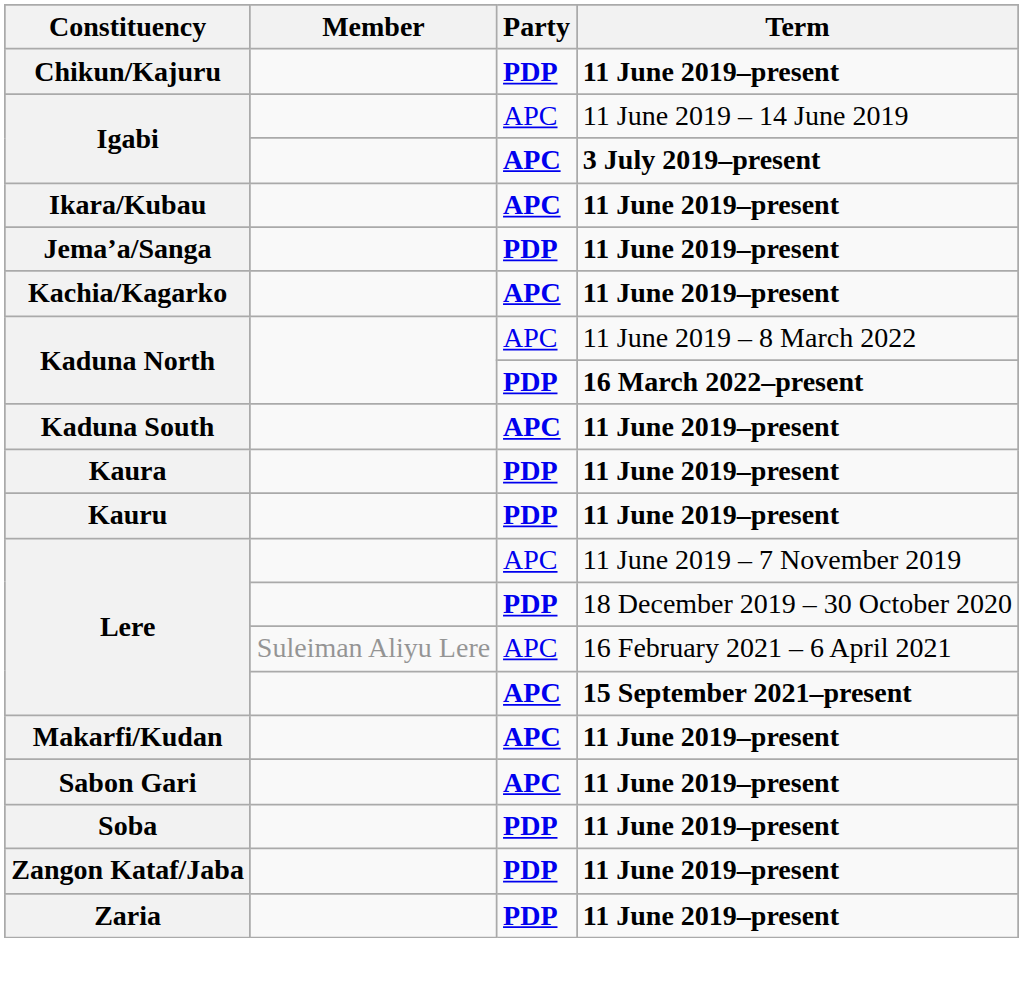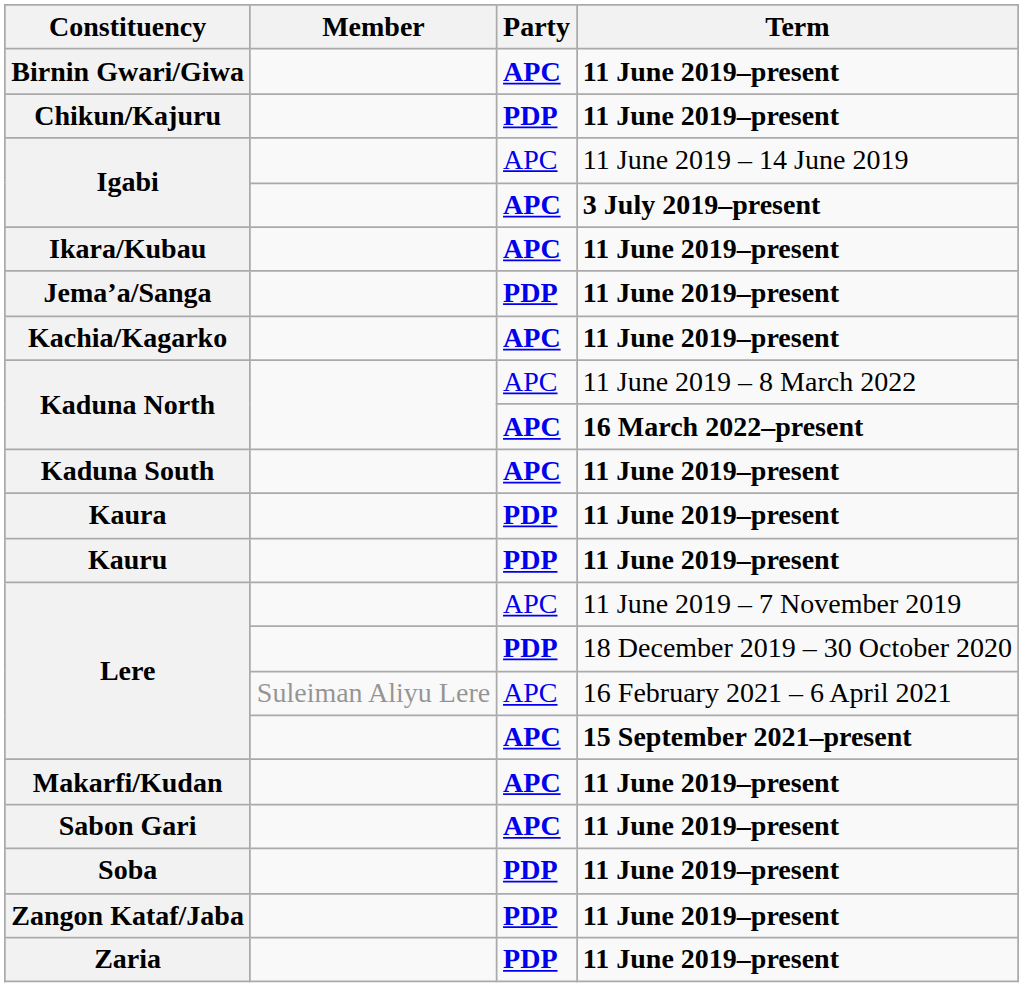 <table class="wikitable">
 <tr valign=bottom>
 <th>Constituency</th>
 <th>Member</th>
 <th>Party</th>
 <th>Term</th>
+</tr>
+<tr>
+<th>Birnin Gwari/Giwa</th>
+<td><strong></strong></td>
+<td><strong><a href='#'>APC</a></strong></td>
+<td><strong>11 June 2019–present</strong></td>
 </tr>
 <tr>
 <th>Chikun/Kajuru</th>
 <td><strong></strong></td>
 <td><strong><a href='#'>PDP</a></strong></td>
 <td><strong>11 June 2019–present</strong></td>
 </tr>
 <tr>
 <th rowspan=2>Igabi</th>
 <td style="opacity:.4;"></td>
 <td><a href='#'>APC</a></td>
 <td>11 June 2019 – 14 June 2019</td>
 </tr>
 <tr>
 <td><strong></strong></td>
 <td><strong><a href='#'>APC</a></strong></td>
 <td><strong>3 July 2019–present</strong></td>
 </tr>
 <tr>
 <th>Ikara/Kubau</th>
 <td><strong></strong></td>
 <td><strong><a href='#'>APC</a></strong></td>
 <td><strong>11 June 2019–present</strong></td>
 </tr>
 <tr>
 <th>Jema’a/Sanga</th>
 <td><strong></strong></td>
 <td><strong><a href='#'>PDP</a></strong></td>
 <td><strong>11 June 2019–present</strong></td>
 </tr>
 <tr>
 <th>Kachia/Kagarko</th>
 <td><strong></strong></td>
 <td><strong><a href='#'>APC</a></strong></td>
 <td><strong>11 June 2019–present</strong></td>
 </tr>
 <tr>
 <th rowspan=2>Kaduna North</th>
 <td rowspan=2><strong></strong></td>
 <td><a href='#'>APC</a></td>
 <td>11 June 2019 – 8 March 2022</td>
 </tr>
 <tr>
-<td><strong><a href='#'>PDP</a></strong></td>
+<td><strong><a href='#'>APC</a></strong></td>
 <td><strong>16 March 2022–present</strong></td>
 </tr>
 <tr>
 <th>Kaduna South</th>
 <td><strong></strong></td>
 <td><strong><a href='#'>APC</a></strong></td>
 <td><strong>11 June 2019–present</strong></td>
 </tr>
 <tr>
 <th>Kaura</th>
 <td><strong></strong></td>
 <td><strong><a href='#'>PDP</a></strong></td>
 <td><strong>11 June 2019–present</strong></td>
 </tr>
 <tr>
 <th>Kauru</th>
 <td><strong></strong></td>
 <td><strong><a href='#'>PDP</a></strong></td>
 <td><strong>11 June 2019–present</strong></td>
 </tr>
 <tr>
 <th rowspan=4>Lere</th>
 <td style="opacity:.4;"></td>
 <td><a href='#'>APC</a></td>
 <td>11 June 2019 – 7 November 2019</td>
 </tr>
 <tr>
 <td style="opacity:.4;"></td>
 <td><strong><a href='#'>PDP</a></strong></td>
 <td>18 December 2019 – 30 October 2020</td>
 </tr>
 <tr>
 <td style="opacity:.4;">Suleiman Aliyu Lere</td>
 <td><a href='#'>APC</a></td>
 <td>16 February 2021 – 6 April 2021</td>
 </tr>
 <tr>
 <td><strong></strong></td>
 <td><strong><a href='#'>APC</a></strong></td>
 <td><strong>15 September 2021–present</strong></td>
 </tr>
 <tr>
 <th>Makarfi/Kudan</th>
 <td><strong></strong></td>
 <td><strong><a href='#'>APC</a></strong></td>
 <td><strong>11 June 2019–present</strong></td>
 </tr>
 <tr>
 <th>Sabon Gari</th>
 <td><strong></strong></td>
 <td><strong><a href='#'>APC</a></strong></td>
 <td><strong>11 June 2019–present</strong></td>
 </tr>
 <tr>
 <th>Soba</th>
 <td><strong></strong></td>
 <td><strong><a href='#'>PDP</a></strong></td>
 <td><strong>11 June 2019–present</strong></td>
 </tr>
 <tr>
 <th>Zangon Kataf/Jaba</th>
 <td><strong></strong></td>
 <td><strong><a href='#'>PDP</a></strong></td>
 <td><strong>11 June 2019–present</strong></td>
 </tr>
 <tr>
 <th>Zaria</th>
 <td><strong></strong></td>
 <td><strong><a href='#'>PDP</a></strong></td>
 <td><strong>11 June 2019–present</strong></td>
 </tr>
 </table>
